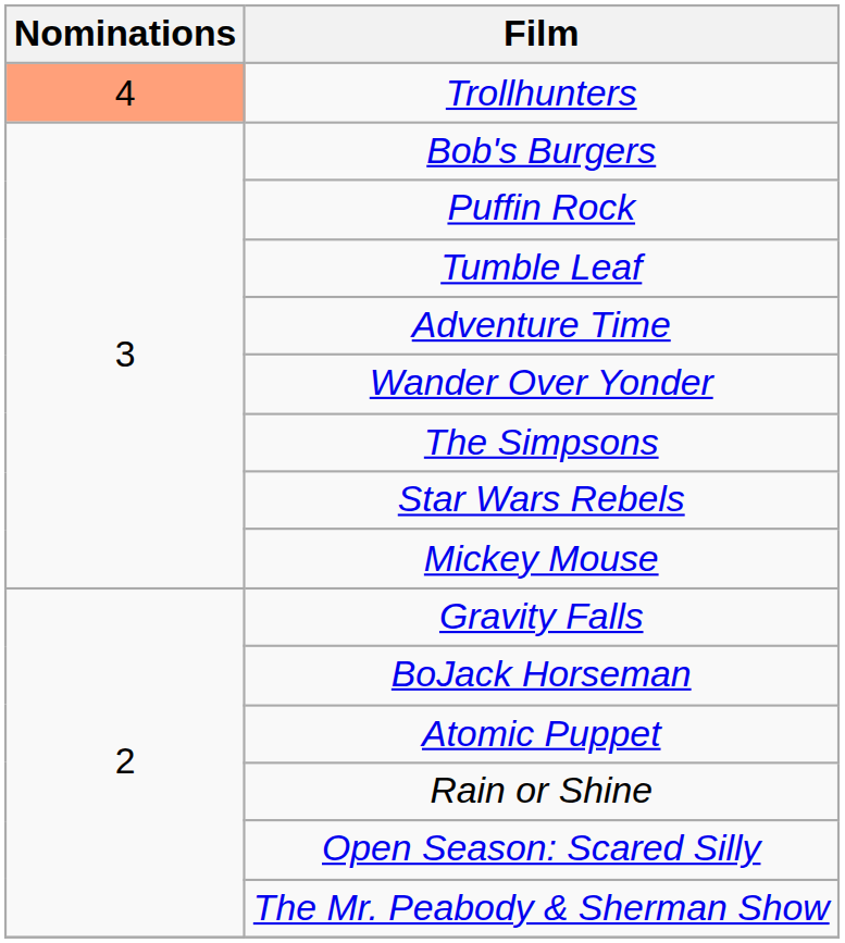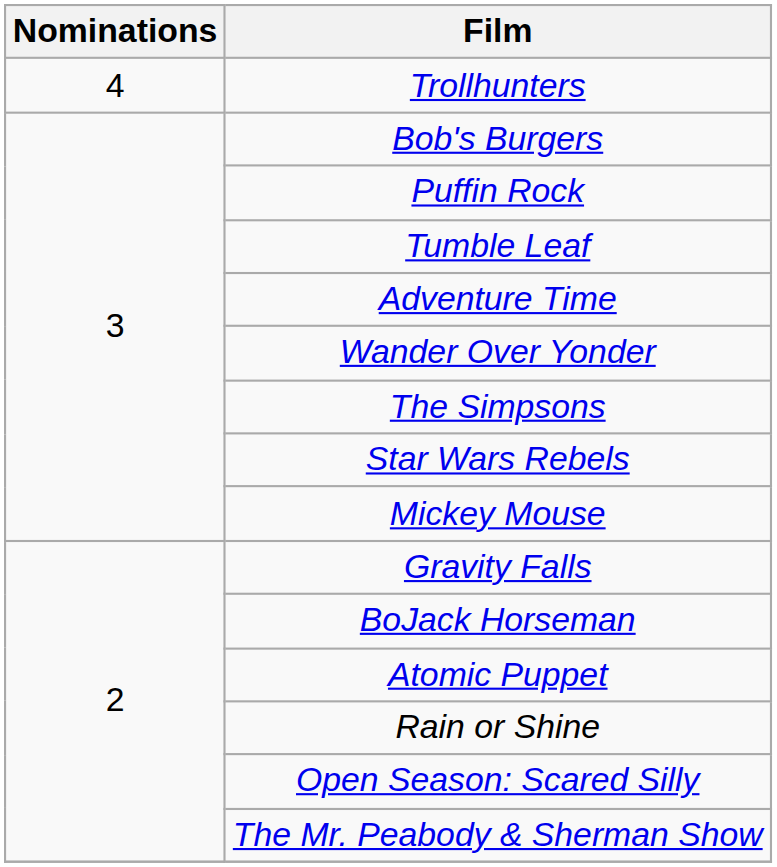 <table class="wikitable" style="text-align: center">
 <tr>
 <th scope="col" width="55">Nominations</th>
 <th scope="col" align="center">Film</th>
 </tr>
 <tr>
-<td rowspan=1 style="background: lightsalmon; text-align:center">4</td>
+<td rowspan=1 style="text-align:center">4</td>
 <td><em><a href='#'>Trollhunters</a></em></td>
 </tr>
 <tr>
 <td rowspan=8 style="text-align:center">3</td>
 <td><em><a href='#'>Bob's Burgers</a></em></td>
 </tr>
 <tr>
 <td><em><a href='#'>Puffin Rock</a></em></td>
 </tr>
 <tr>
 <td><em><a href='#'>Tumble Leaf</a></em></td>
 </tr>
 <tr>
 <td><em><a href='#'>Adventure Time</a></em></td>
 </tr>
 <tr>
 <td><em><a href='#'>Wander Over Yonder</a></em></td>
 </tr>
 <tr>
 <td><em><a href='#'>The Simpsons</a></em></td>
 </tr>
 <tr>
 <td><em><a href='#'>Star Wars Rebels</a></em></td>
 </tr>
 <tr>
 <td><em><a href='#'>Mickey Mouse</a></em></td>
 </tr>
 <tr>
 <td rowspan=6 style="text-align:center">2</td>
 <td><em><a href='#'>Gravity Falls</a></em></td>
 </tr>
 <tr>
 <td><em><a href='#'>BoJack Horseman</a></em></td>
 </tr>
 <tr>
 <td><em><a href='#'>Atomic Puppet</a></em></td>
 </tr>
 <tr>
 <td><em>Rain or Shine</em></td>
 </tr>
 <tr>
 <td><em><a href='#'>Open Season: Scared Silly</a></em></td>
 </tr>
 <tr>
 <td><em><a href='#'>The Mr. Peabody & Sherman Show</a></em></td>
 </tr>
 <tr>
 </tr>
 </table>
